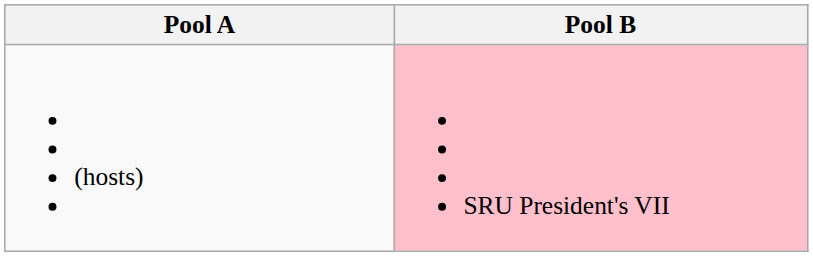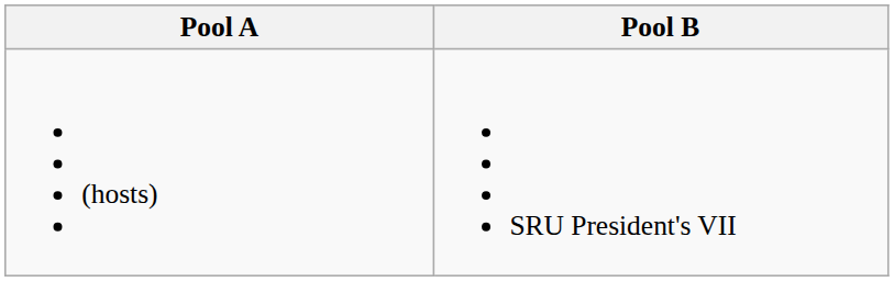 <table class="wikitable" style="width:40%;">
 <tr>
 <th width=20%>Pool A</th>
 <th width=20%>Pool B</th>
 </tr>
 <tr>
 <td><br><ul><li></li><li></li><li> (hosts)</li><li></li></ul></td>
-<td style="background: pink;"><br><ul><li></li><li></li><li></li><li>SRU President's VII</li></ul></td>
+<td><br><ul><li></li><li></li><li></li><li>SRU President's VII</li></ul></td>
 </tr>
 </table>
